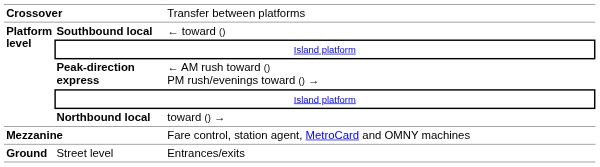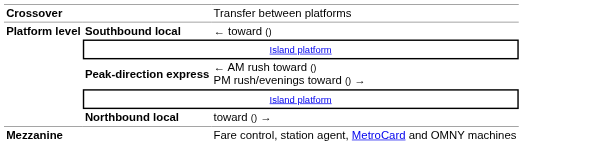 <table cellspacing="0" cellpadding="3">
 <tr>
 <td style="border-top:solid 1px gray;" colspan=2><strong>Crossover</strong></td>
 <td style="border-top:solid 1px gray;">Transfer between platforms</td>
 </tr>
 <tr>
 <td style="border-bottom:solid 1px gray;border-top:solid 1px gray;vertical-align:top;" rowspan=5><strong>Platform level</strong></td>
 <td style="border-top:solid 1px gray;"><span><strong>Southbound local</strong></span></td>
 <td style="border-top:solid 1px gray;">←  toward  <small>()</small></td>
 </tr>
 <tr>
 <td style="border-top:solid 2px black;border-right:solid 2px black;border-left:solid 2px black;border-bottom:solid 2px black;text-align:center;" colspan=2><small><a href='#'>Island platform</a> </small></td>
 </tr>
 <tr>
 <td><span><strong>Peak-direction express</strong></span></td>
 <td>←  AM rush toward  <small>()</small><br>  PM rush/evenings toward  <small>()</small> →</td>
 </tr>
 <tr>
 <td style="border-top:solid 2px black;border-right:solid 2px black;border-left:solid 2px black;border-bottom:solid 2px black;text-align:center;" colspan=2><small><a href='#'>Island platform</a> </small></td>
 </tr>
 <tr>
 <td style="border-bottom:solid 1px gray;"><span><strong>Northbound local</strong></span></td>
 <td style="border-bottom:solid 1px gray;">  toward  <small>()</small> →</td>
 </tr>
 <tr>
 <td colspan=2><strong>Mezzanine</strong></td>
 <td>Fare control, station agent, <a href='#'>MetroCard</a> and OMNY machines<br></td>
 </tr>
-<tr>
-<td style="border-top:solid 1px gray;border-bottom:solid 1px gray;" width=50><strong>Ground</strong></td>
-<td style="border-top:solid 1px gray;border-bottom:solid 1px gray;" width=150>Street level</td>
-<td style="border-top:solid 1px gray;border-bottom:solid 1px gray;" width=600>Entrances/exits</td>
-</tr>
 </table>
